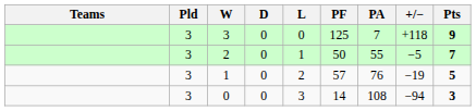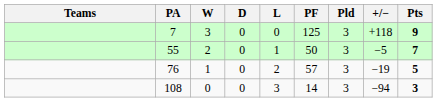 <table class="wikitable" style="text-align: center;">
 <tr>
 <th width="200">Teams</th>
-<th width="40">Pld</th>
+<th width="40">PA</th>
 <th width="40">W</th>
 <th width="40">D</th>
 <th width="40">L</th>
 <th width="40">PF</th>
-<th width="40">PA</th>
+<th width="40">Pld</th>
 <th width="40">+/−</th>
 <th width="40">Pts</th>
 </tr>
 <tr bgcolor=ccffcc>
 <td align=left></td>
-<td>3</td>
+<td>7</td>
 <td>3</td>
 <td>0</td>
 <td>0</td>
 <td>125</td>
-<td>7</td>
+<td>3</td>
 <td>+118</td>
 <td><strong>9</strong></td>
 </tr>
 <tr bgcolor=ccffcc>
 <td align=left></td>
-<td>3</td>
+<td>55</td>
 <td>2</td>
 <td>0</td>
 <td>1</td>
 <td>50</td>
-<td>55</td>
+<td>3</td>
 <td>−5</td>
 <td><strong>7</strong></td>
 </tr>
 <tr>
 <td align=left></td>
-<td>3</td>
+<td>76</td>
 <td>1</td>
 <td>0</td>
 <td>2</td>
 <td>57</td>
-<td>76</td>
+<td>3</td>
 <td>−19</td>
 <td><strong>5</strong></td>
 </tr>
 <tr>
 <td align=left></td>
-<td>3</td>
+<td>108</td>
 <td>0</td>
 <td>0</td>
 <td>3</td>
 <td>14</td>
-<td>108</td>
+<td>3</td>
 <td>−94</td>
 <td><strong>3</strong></td>
 </tr>
 </table>
